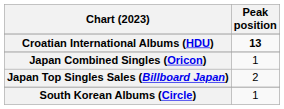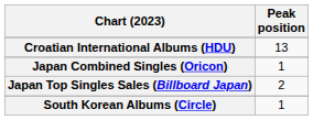 <table class="wikitable sortable plainrowheaders" style="text-align:center">
 <tr>
 <th scope="col">Chart (2023)</th>
 <th scope="col">Peak<br>position</th>
 </tr>
 <tr>
 </tr>
 <tr>
 </tr>
 <tr>
 <th scope="row">Croatian International Albums (<a href='#'>HDU</a>)</th>
-<td><strong>13</strong></td>
+<td>13</td>
 </tr>
 <tr>
 </tr>
 <tr>
 <th scope="row">Japan Combined Singles (<a href='#'>Oricon</a>)</th>
 <td>1</td>
 </tr>
 <tr>
 <th scope="row">Japan Top Singles Sales (<em><a href='#'>Billboard Japan</a></em>)</th>
 <td>2</td>
 </tr>
 <tr>
 </tr>
 <tr>
 <th scope="row">South Korean Albums (<a href='#'>Circle</a>)</th>
 <td>1</td>
 </tr>
 </table>
